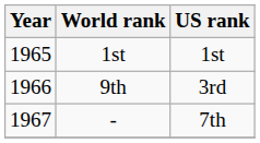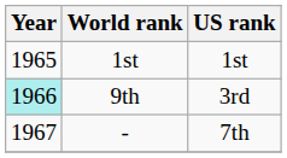 <table class=wikitable>
 <tr>
 <th>Year</th>
 <th>World rank</th>
 <th>US rank</th>
 </tr>
 <tr>
 <td>1965</td>
 <td align="center">1st</td>
 <td align="center">1st</td>
 </tr>
 <tr>
-<td>1966</td>
+<td style="background: paleturquoise;">1966</td>
 <td align="center">9th</td>
 <td align="center">3rd</td>
 </tr>
 <tr>
 <td>1967</td>
 <td align="center">-</td>
 <td align="center">7th</td>
 </tr>
 <tr>
 </tr>
 </table>
